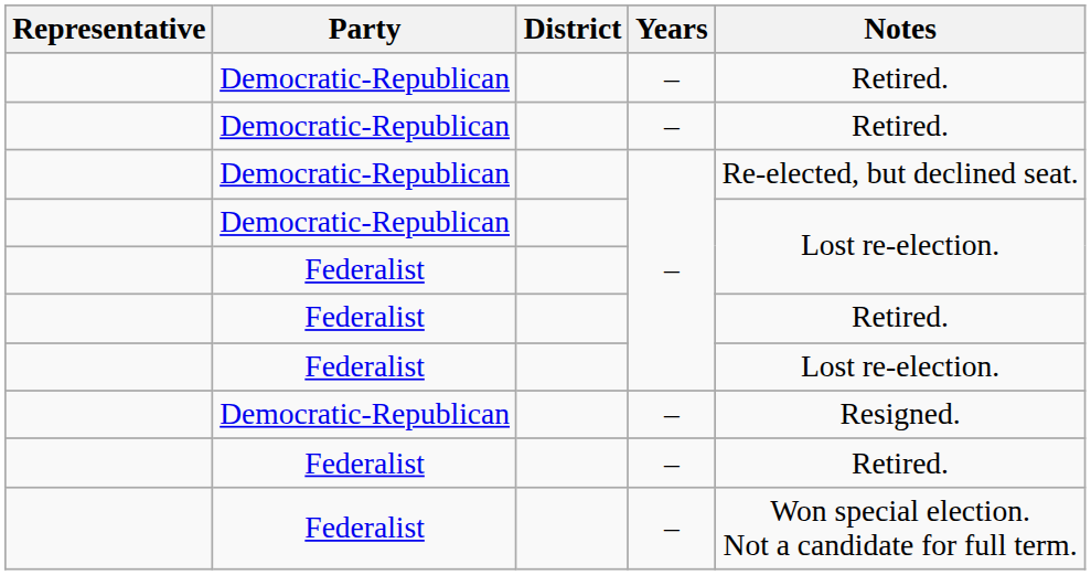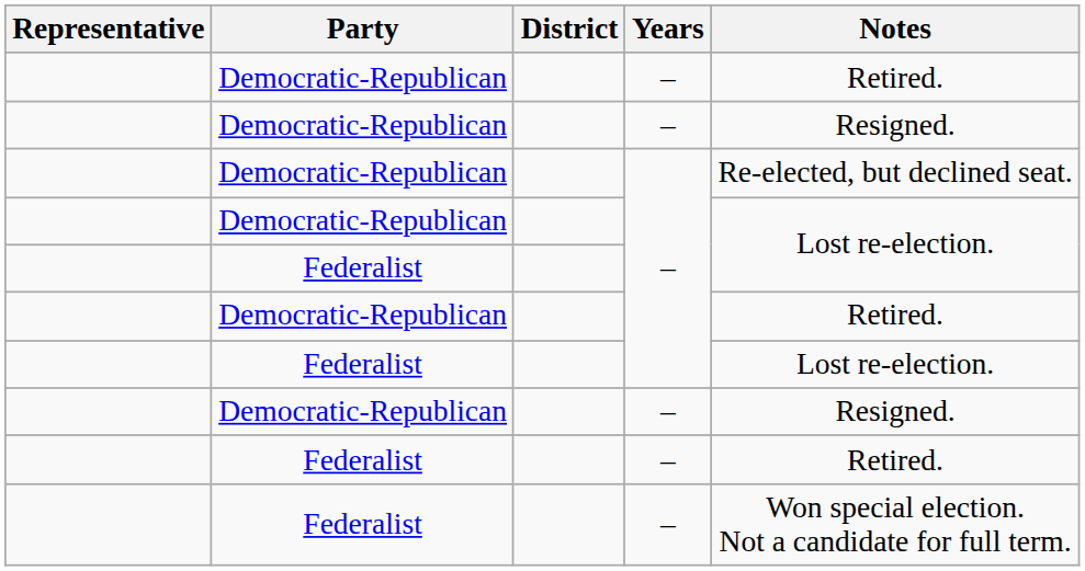 <table class="wikitable sortable" style="text-align:center">
 <tr valign=bottom>
 <th>Representative</th>
 <th>Party</th>
 <th>District</th>
 <th>Years</th>
 <th>Notes</th>
 </tr>
 <tr>
 <td align=left></td>
 <td><a href='#'>Democratic-Republican</a></td>
 <td></td>
 <td nowrap> –<br></td>
 <td>Retired.</td>
 </tr>
 <tr>
 <td align=left></td>
 <td><a href='#'>Democratic-Republican</a></td>
 <td></td>
 <td nowrap> –<br></td>
-<td>Retired.</td>
+<td>Resigned.</td>
 </tr>
 <tr>
 <td align=left></td>
 <td><a href='#'>Democratic-Republican</a></td>
 <td></td>
 <td rowspan="5" nowrap=""> –<br></td>
 <td>Re-elected, but declined seat.</td>
 </tr>
 <tr>
 <td align=left></td>
 <td><a href='#'>Democratic-Republican</a></td>
 <td></td>
 <td rowspan="2">Lost re-election.</td>
 </tr>
 <tr>
 <td align=left></td>
 <td><a href='#'>Federalist</a></td>
 <td></td>
 </tr>
 <tr>
 <td align=left></td>
-<td><a href='#'>Federalist</a></td>
+<td><a href='#'>Democratic-Republican</a></td>
 <td></td>
 <td>Retired.</td>
 </tr>
 <tr>
 <td align=left></td>
 <td><a href='#'>Federalist</a></td>
 <td></td>
 <td>Lost re-election.</td>
 </tr>
 <tr>
 <td align=left></td>
 <td><a href='#'>Democratic-Republican</a></td>
 <td></td>
 <td nowrap> –<br></td>
 <td>Resigned.</td>
 </tr>
 <tr>
 <td align=left></td>
 <td><a href='#'>Federalist</a></td>
 <td></td>
 <td nowrap> –<br></td>
 <td>Retired.</td>
 </tr>
 <tr>
 <td align=left></td>
 <td><a href='#'>Federalist</a></td>
 <td></td>
 <td nowrap> –<br></td>
 <td>Won special election.<br>Not a candidate for full term.</td>
 </tr>
 </table>
